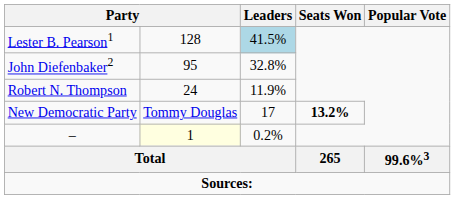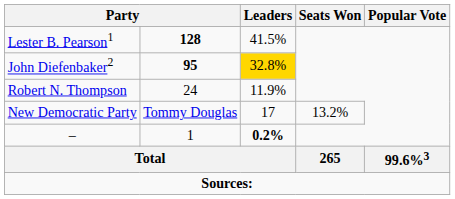 <table class="wikitable">
 <tr>
 <th colspan="2">Party</th>
 <th>Leaders</th>
 <th>Seats Won</th>
 <th>Popular Vote</th>
 </tr>
 <tr>
 <td><a href='#'>Lester B. Pearson</a><sup>1</sup></td>
-<td align=center>128</td>
-<td align=center style="background: lightblue;">41.5%</td>
+<td align=center><strong>128</strong></td>
+<td align=center>41.5%</td>
 </tr>
 <tr>
 <td><a href='#'>John Diefenbaker</a><sup>2</sup></td>
-<td align=center>95</td>
-<td align=center>32.8%</td>
+<td align=center><strong>95</strong></td>
+<td align=center style="background: gold;">32.8%</td>
 </tr>
 <tr>
 <td><a href='#'>Robert N. Thompson</a></td>
 <td align=center>24</td>
 <td align=center>11.9%</td>
 </tr>
 <tr>
 <td><a href='#'>New Democratic Party</a></td>
 <td><a href='#'>Tommy Douglas</a></td>
 <td align=center>17</td>
-<td align=center><strong>13.2%</strong></td>
+<td align=center>13.2%</td>
 </tr>
 <tr>
 <td align=center>–</td>
-<td align=center style="background: lightyellow;">1</td>
-<td align=center>0.2%</td>
+<td align=center>1</td>
+<td align=center><strong>0.2%</strong></td>
 </tr>
 <tr>
 <th colspan=3 align=left>Total</th>
 <th align=center>265</th>
 <th align=center>99.6%<sup>3</sup></th>
 </tr>
 <tr>
 <td align="center" colspan=5><strong>Sources:</strong> </td>
 </tr>
 </table>
